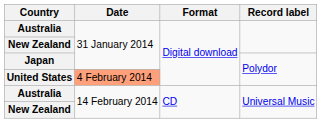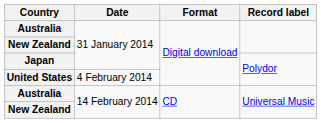 <table class="wikitable plainrowheaders">
 <tr>
 <th scope="col">Country</th>
 <th scope="col">Date</th>
 <th scope="col">Format</th>
 <th scope="col">Record label</th>
 </tr>
 <tr>
 <th scope="row">Australia</th>
 <td rowspan="3">31 January 2014</td>
 <td rowspan="4"><a href='#'>Digital download</a></td>
 <td rowspan="2"></td>
 </tr>
 <tr>
 <th scope="row">New Zealand</th>
 </tr>
 <tr>
 <th scope="row">Japan</th>
 <td rowspan="2"><a href='#'>Polydor</a></td>
 </tr>
 <tr>
 <th scope="row">United States</th>
-<td style="background: lightsalmon;">4 February 2014</td>
+<td>4 February 2014</td>
 </tr>
 <tr>
 <th scope="row">Australia</th>
 <td rowspan="2">14 February 2014</td>
 <td rowspan="2"><a href='#'>CD</a></td>
 <td rowspan="2"><a href='#'>Universal Music</a></td>
 </tr>
 <tr>
 <th scope="row">New Zealand</th>
 </tr>
 </table>
